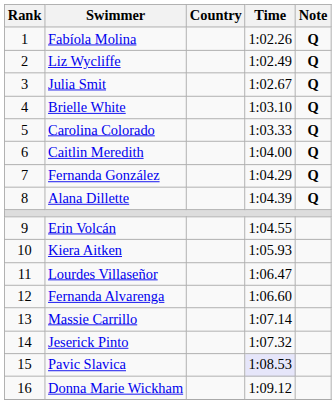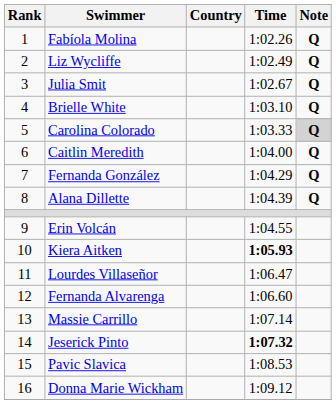 <table class="wikitable" style="text-align:center">
 <tr>
 <th>Rank</th>
 <th>Swimmer</th>
 <th>Country</th>
 <th>Time</th>
 <th>Note</th>
 </tr>
 <tr>
 <td>1</td>
 <td align=left><a href='#'>Fabíola Molina</a></td>
 <td align=left></td>
 <td>1:02.26</td>
 <td><strong>Q</strong></td>
 </tr>
 <tr>
 <td>2</td>
 <td align=left><a href='#'>Liz Wycliffe</a></td>
 <td align=left></td>
 <td>1:02.49</td>
 <td><strong>Q</strong></td>
 </tr>
 <tr>
 <td>3</td>
 <td align=left><a href='#'>Julia Smit</a></td>
 <td align=left></td>
 <td>1:02.67</td>
 <td><strong>Q</strong></td>
 </tr>
 <tr>
 <td>4</td>
 <td align=left><a href='#'>Brielle White</a></td>
 <td align=left></td>
 <td>1:03.10</td>
 <td><strong>Q</strong></td>
 </tr>
 <tr>
 <td>5</td>
 <td align=left><a href='#'>Carolina Colorado</a></td>
 <td align=left></td>
 <td>1:03.33</td>
-<td><strong>Q</strong></td>
+<td style="background: lightgrey;"><strong>Q</strong></td>
 </tr>
 <tr>
 <td>6</td>
 <td align=left><a href='#'>Caitlin Meredith</a></td>
 <td align=left></td>
 <td>1:04.00</td>
 <td><strong>Q</strong></td>
 </tr>
 <tr>
 <td>7</td>
 <td align=left><a href='#'>Fernanda González</a></td>
 <td align=left></td>
 <td>1:04.29</td>
 <td><strong>Q</strong></td>
 </tr>
 <tr>
 <td>8</td>
 <td align=left><a href='#'>Alana Dillette</a></td>
 <td align=left></td>
 <td>1:04.39</td>
 <td><strong>Q</strong></td>
 </tr>
 <tr bgcolor=#DDDDDD>
 <td colspan=5></td>
 </tr>
 <tr>
 <td>9</td>
 <td align=left><a href='#'>Erin Volcán</a></td>
 <td align=left></td>
 <td>1:04.55</td>
 <td></td>
 </tr>
 <tr>
 <td>10</td>
 <td align=left><a href='#'>Kiera Aitken</a></td>
 <td align=left></td>
-<td>1:05.93</td>
+<td><strong>1:05.93</strong></td>
 <td></td>
 </tr>
 <tr>
 <td>11</td>
 <td align=left><a href='#'>Lourdes Villaseñor</a></td>
 <td align=left></td>
 <td>1:06.47</td>
 <td></td>
 </tr>
 <tr>
 <td>12</td>
 <td align=left><a href='#'>Fernanda Alvarenga</a></td>
 <td align=left></td>
 <td>1:06.60</td>
 <td></td>
 </tr>
 <tr>
 <td>13</td>
 <td align=left><a href='#'>Massie Carrillo</a></td>
 <td align=left></td>
 <td>1:07.14</td>
 <td></td>
 </tr>
 <tr>
 <td>14</td>
 <td align=left><a href='#'>Jeserick Pinto</a></td>
 <td align=left></td>
-<td>1:07.32</td>
+<td><strong>1:07.32</strong></td>
 <td></td>
 </tr>
 <tr>
 <td>15</td>
 <td align=left><a href='#'>Pavic Slavica</a></td>
 <td align=left></td>
-<td style="background: lavender;">1:08.53</td>
+<td>1:08.53</td>
 <td></td>
 </tr>
 <tr>
 <td>16</td>
 <td align=left><a href='#'>Donna Marie Wickham</a></td>
 <td align=left></td>
 <td>1:09.12</td>
 <td></td>
 </tr>
 <tr>
 </tr>
 </table>
